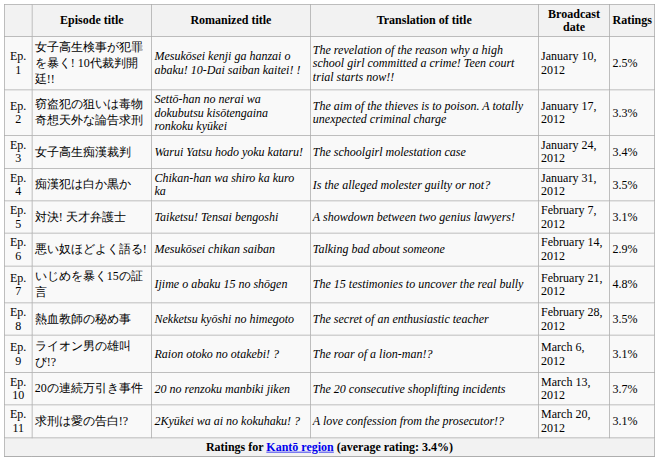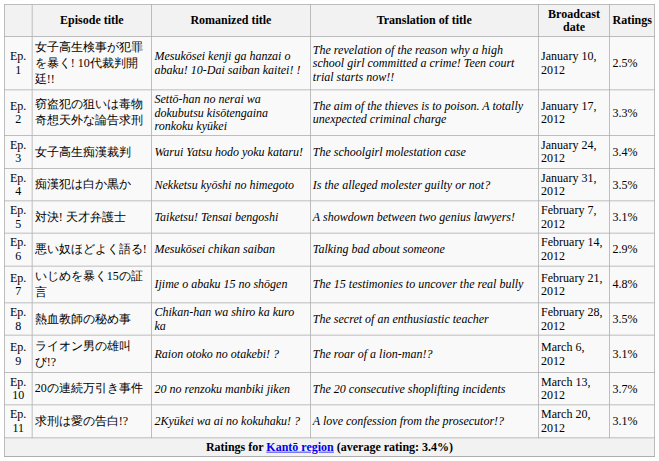 <table class="wikitable" style="text-align:center">
 <tr style="text-align:center">
 <th></th>
 <th>Episode title</th>
 <th>Romanized title</th>
 <th>Translation of title</th>
 <th>Broadcast date</th>
 <th>Ratings</th>
 </tr>
 <tr>
 <td>Ep. 1</td>
 <td align=left>女子高生検事が犯罪を暴く! 10代裁判開廷!!</td>
 <td align=left><em>Mesukōsei kenji ga hanzai o abaku! 10-Dai saiban kaitei! !</em></td>
 <td align=left><em>The revelation of the reason why a high school girl committed a crime! Teen court trial starts now!!</em></td>
 <td align=left>January 10, 2012</td>
 <td align=left><span>2.5%</span></td>
 </tr>
 <tr>
 <td>Ep. 2</td>
 <td align=left>窃盗犯の狙いは毒物 奇想天外な論告求刑</td>
 <td align=left><em>Settō-han no nerai wa dokubutsu kisōtengaina ronkoku kyūkei</em></td>
 <td align=left><em>The aim of the thieves is to poison. A totally unexpected criminal charge</em></td>
 <td align=left>January 17, 2012</td>
 <td align=left>3.3%</td>
 </tr>
 <tr>
 <td>Ep. 3</td>
 <td align=left>女子高生痴漢裁判</td>
 <td align=left><em>Warui Yatsu hodo yoku kataru!</em></td>
 <td align=left><em>The schoolgirl molestation case</em></td>
 <td align=left>January 24, 2012</td>
 <td align=left>3.4%</td>
 </tr>
 <tr>
 <td>Ep. 4</td>
 <td align=left>痴漢犯は白か黒か</td>
-<td align=left><em>Chikan-han wa shiro ka kuro ka</em></td>
+<td align=left><em>Nekketsu kyōshi no himegoto</em></td>
 <td align=left><em>Is the alleged molester guilty or not?</em></td>
 <td align=left>January 31, 2012</td>
 <td align=left>3.5%</td>
 </tr>
 <tr>
 <td>Ep. 5</td>
 <td align=left>対決! 天才弁護士</td>
 <td align=left><em>Taiketsu! Tensai bengoshi</em></td>
 <td align=left><em>A showdown between two genius lawyers!</em></td>
 <td align=left>February 7, 2012</td>
 <td align=left>3.1%</td>
 </tr>
 <tr>
 <td>Ep. 6</td>
 <td align=left>悪い奴ほどよく語る!</td>
 <td align=left><em>Mesukōsei chikan saiban</em></td>
 <td align=left><em>Talking bad about someone</em></td>
 <td align=left>February 14, 2012</td>
 <td align=left>2.9%</td>
 </tr>
 <tr>
 <td>Ep. 7</td>
 <td align=left>いじめを暴く15の証言</td>
 <td align=left><em>Ijime o abaku 15 no shōgen</em></td>
 <td align=left><em>The 15 testimonies to uncover the real bully</em></td>
 <td align=left>February 21, 2012</td>
 <td align=left><span>4.8%</span></td>
 </tr>
 <tr>
 <td>Ep. 8</td>
 <td align=left>熱血教師の秘め事</td>
-<td align=left><em>Nekketsu kyōshi no himegoto</em></td>
+<td align=left><em>Chikan-han wa shiro ka kuro ka</em></td>
 <td align=left><em>The secret of an enthusiastic teacher</em></td>
 <td align=left>February 28, 2012</td>
 <td align=left>3.5%</td>
 </tr>
 <tr>
 <td>Ep. 9</td>
 <td align=left>ライオン男の雄叫び!?</td>
 <td align=left><em>Raion otoko no otakebi! ?</em></td>
 <td align=left><em>The roar of a lion-man!?</em></td>
 <td align=left>March 6, 2012</td>
 <td align=left>3.1%</td>
 </tr>
 <tr>
 <td>Ep. 10</td>
 <td align=left>20の連続万引き事件</td>
 <td align=left><em>20 no renzoku manbiki jiken</em></td>
 <td align=left><em>The 20 consecutive shoplifting incidents</em></td>
 <td align=left>March 13, 2012</td>
 <td align=left>3.7%</td>
 </tr>
 <tr>
 <td>Ep. 11</td>
 <td align=left>求刑は愛の告白!?</td>
 <td align=left><em>2Kyūkei wa ai no kokuhaku! ?</em></td>
 <td align=left><em>A love confession from the prosecutor!?</em></td>
 <td align=left>March 20, 2012</td>
 <td align=left>3.1%</td>
 </tr>
 <tr>
 <th colspan="6">Ratings for <a href='#'>Kantō region</a> (average rating: 3.4%)</th>
 </tr>
 <tr>
 </tr>
 </table>
